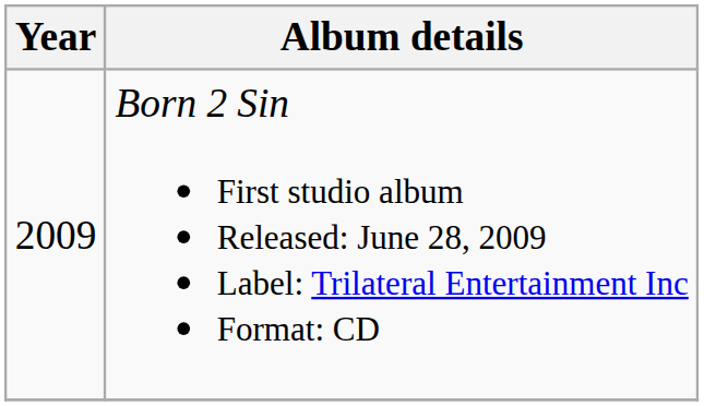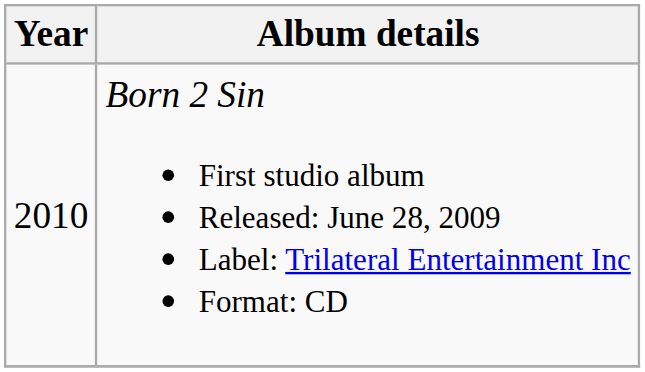 <table class="wikitable">
 <tr>
 <th align="center" rowspan="1">Year</th>
 <th align="center" rowspan="1">Album details</th>
 </tr>
 <tr>
-<td>2009</td>
+<td>2010</td>
 <td><em>Born 2 Sin</em><br><ul><li><small>First studio album</small></li><li><small>Released: June 28, 2009</small></li><li><small>Label: <a href='#'>Trilateral Entertainment Inc</a></small></li><li><small>Format: CD</small></li></ul></td>
 </tr>
 <tr>
 </tr>
 </table>
